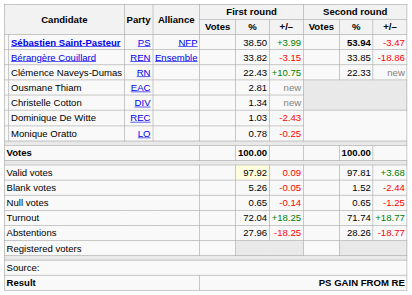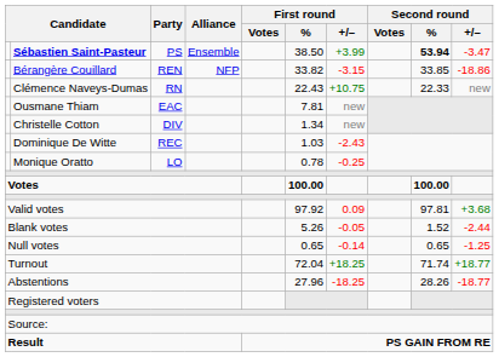 <table class="wikitable" style="text-align:right;font-size:95%;">
 <tr>
 <th rowspan="2" colspan="2">Candidate</th>
 <th colspan="1" rowspan="2">Party</th>
 <th colspan="1" rowspan="2">Alliance</th>
 <th colspan="3">First round</th>
 <th colspan="3">Second round</th>
 </tr>
 <tr>
 <th style="width:50px;">Votes</th>
 <th style="width:45px;">%</th>
 <th style="width:45px;">+/–</th>
 <th style="width:50px;">Votes</th>
 <th style="width:45px;">%</th>
 <th style="width:45px;">+/–</th>
 </tr>
 <tr>
 <td style="color:inherit;background:"></td>
 <td style="text-align:left;"><strong><a href='#'>Sébastien Saint-Pasteur</a></strong></td>
 <td><a href='#'>PS</a></td>
-<td><a href='#'>NFP</a></td>
+<td><a href='#'>Ensemble</a></td>
 <td></td>
 <td>38.50</td>
 <td style="color:green;">+3.99</td>
 <td><strong></strong></td>
 <td><strong>53.94</strong></td>
 <td style="color:red;">-3.47</td>
 </tr>
 <tr>
 <td style="color:inherit;background:"></td>
 <td style="text-align:left;"><a href='#'>Bérangère Couillard</a></td>
 <td><a href='#'>REN</a></td>
-<td><a href='#'>Ensemble</a></td>
+<td><a href='#'>NFP</a></td>
 <td></td>
 <td>33.82</td>
 <td style="color:red;">-3.15</td>
 <td></td>
 <td>33.85</td>
 <td style="color:red;">-18.86</td>
 </tr>
 <tr>
 <td style="color:inherit;background:"></td>
 <td style="text-align:left;">Clémence Naveys-Dumas</td>
 <td><a href='#'>RN</a></td>
 <td></td>
 <td></td>
 <td>22.43</td>
 <td style="color:green;">+10.75</td>
 <td></td>
 <td>22.33</td>
 <td style="color:grey;">new</td>
 </tr>
 <tr>
 <td style="color:inherit;background:"></td>
 <td style="text-align:left;">Ousmane Thiam</td>
 <td><a href='#'>EAC</a></td>
 <td></td>
 <td></td>
-<td>2.81</td>
+<td>7.81</td>
 <td style="color:grey;">new</td>
 <td colspan="3" rowspan="2" style="background:#E9E9E9;"></td>
 </tr>
 <tr>
 <td style="color:inherit;background:"></td>
 <td style="text-align:left;">Christelle Cotton</td>
 <td><a href='#'>DIV</a></td>
 <td></td>
 <td></td>
 <td>1.34</td>
 <td style="color:grey;">new</td>
 </tr>
 <tr>
 <td style="color:inherit;background:"></td>
 <td style="text-align:left;">Dominique De Witte</td>
 <td><a href='#'>REC</a></td>
 <td></td>
 <td></td>
 <td>1.03</td>
 <td style="color:red;">-2.43</td>
 </tr>
 <tr>
 <td style="color:inherit;background:"></td>
 <td style="text-align:left;">Monique Oratto</td>
 <td><a href='#'>LO</a></td>
 <td></td>
 <td></td>
 <td>0.78</td>
 <td style="color:red;">-0.25</td>
 </tr>
 <tr>
 <td colspan="10" style="background:#E9E9E9;"></td>
 </tr>
 <tr style="font-weight:bold;">
 <td colspan="4" style="text-align:left;">Votes</td>
 <td></td>
 <td>100.00</td>
 <td></td>
 <td></td>
 <td>100.00</td>
 <td></td>
 </tr>
 <tr>
 <td colspan="10" style="background:#E9E9E9;"></td>
 </tr>
 <tr>
 <td colspan="4" style="text-align:left;">Valid votes</td>
 <td></td>
-<td style="background: lightyellow;">97.92</td>
+<td>97.92</td>
 <td style="color:red;">0.09</td>
 <td></td>
 <td>97.81</td>
 <td style="color:green;">+3.68</td>
 </tr>
 <tr>
 <td colspan="4" style="text-align:left;">Blank votes</td>
 <td></td>
 <td>5.26</td>
 <td style="color:red;">-0.05</td>
 <td></td>
 <td>1.52</td>
 <td style="color:red;">-2.44</td>
 </tr>
 <tr>
 <td colspan="4" style="text-align:left;">Null votes</td>
 <td></td>
 <td>0.65</td>
 <td style="color:red;">-0.14</td>
 <td></td>
 <td>0.65</td>
 <td style="color:red;">-1.25</td>
 </tr>
 <tr>
 <td colspan="4" style="text-align:left;">Turnout</td>
 <td></td>
 <td>72.04</td>
 <td style="color:green;">+18.25</td>
 <td></td>
 <td>71.74</td>
 <td style="color:green;">+18.77</td>
 </tr>
 <tr>
 <td colspan="4" style="text-align:left;">Abstentions</td>
 <td></td>
 <td>27.96</td>
 <td style="color:red;">-18.25</td>
 <td></td>
 <td>28.26</td>
 <td style="color:red;">-18.77</td>
 </tr>
 <tr>
 <td colspan="4" style="text-align:left;">Registered voters</td>
 <td></td>
 <td colspan="2" style="background:#E9E9E9;"></td>
 <td></td>
 <td colspan="2" style="background:#E9E9E9;"></td>
 </tr>
 <tr>
 <td colspan="10" style="background:#E9E9E9;"></td>
 </tr>
 <tr>
 <td colspan="10" style="text-align:left;">Source: </td>
 </tr>
 <tr style="font-weight:bold">
 <td colspan="4" style="text-align:left;">Result</td>
 <td colspan="6" style="background-color:">PS GAIN FROM RE</td>
 </tr>
 </table>
